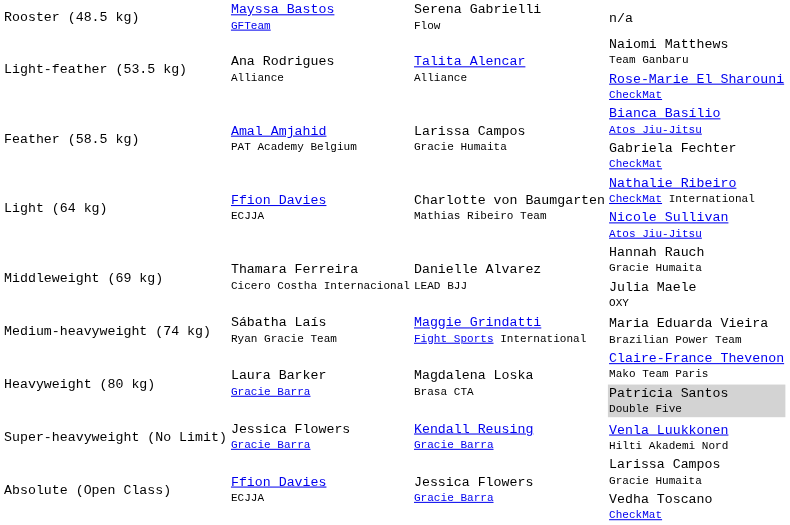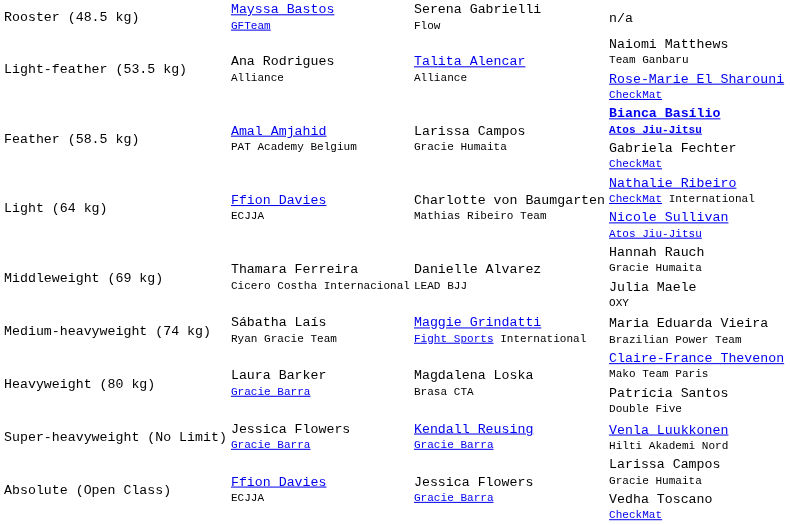 <table>
 <tr>
 <td rowspan=2>Rooster (48.5 kg)</td>
 <td rowspan=2> <a href='#'>Mayssa Bastos</a><br><small><a href='#'>GFTeam</a></small></td>
 <td rowspan=2> Serena Gabrielli<br><small>Flow</small></td>
 </tr>
 <tr>
 <td>n/a</td>
 </tr>
 <tr>
 <td rowspan=2>Light-feather (53.5 kg)</td>
 <td rowspan=2> Ana Rodrigues<br><small>Alliance</small></td>
 <td rowspan=2> <a href='#'>Talita Alencar</a><br><small>Alliance</small></td>
 <td> Naiomi Matthews<br><small> Team Ganbaru</small></td>
 </tr>
 <tr>
 <td> <a href='#'>Rose-Marie El Sharouni</a><br><small><a href='#'>CheckMat</a></small></td>
 </tr>
 <tr>
 <td rowspan=2>Feather (58.5 kg)</td>
 <td rowspan=2> <a href='#'>Amal Amjahid</a><br><small>PAT Academy Belgium</small></td>
 <td rowspan=2> Larissa Campos<br><small>Gracie Humaita</small></td>
-<td> <a href='#'>Bianca Basílio</a><br><small><a href='#'>Atos Jiu-Jitsu</a></small></td>
+<td><strong> <a href='#'>Bianca Basílio</a><br><small><a href='#'>Atos Jiu-Jitsu</a></small></strong></td>
 </tr>
 <tr>
 <td> Gabriela Fechter<br><small><a href='#'>CheckMat</a></small></td>
 </tr>
 <tr>
 <td rowspan=2>Light (64 kg)</td>
 <td rowspan=2> <a href='#'>Ffion Davies</a><br><small>ECJJA</small></td>
 <td rowspan=2> Charlotte von Baumgarten<br><small>Mathias Ribeiro Team</small></td>
 <td> <a href='#'>Nathalie Ribeiro</a><br><small><a href='#'>CheckMat</a> International</small></td>
 </tr>
 <tr>
 <td> <a href='#'>Nicole Sullivan</a><br><small><a href='#'>Atos Jiu-Jitsu</a></small></td>
 </tr>
 <tr>
 <td rowspan=2>Middleweight (69 kg)</td>
 <td rowspan=2> Thamara Ferreira<br><small>Cicero Costha Internacional</small></td>
 <td rowspan=2> Danielle Alvarez<br><small>LEAD BJJ</small></td>
 <td> Hannah Rauch<br><small>Gracie Humaita</small></td>
 </tr>
 <tr>
 <td> Julia Maele<br><small>OXY</small></td>
 </tr>
 <tr>
 <td rowspan=2>Medium-heavyweight (74 kg)</td>
 <td rowspan=2> Sábatha Laís<br><small>Ryan Gracie Team</small></td>
 <td rowspan=2> <a href='#'>Maggie Grindatti</a><br><small><a href='#'>Fight Sports</a> International</small></td>
 </tr>
 <tr>
 <td> Maria Eduarda Vieira<br><small>Brazilian Power Team</small></td>
 </tr>
 <tr>
 <td rowspan=2>Heavyweight (80 kg)</td>
 <td rowspan=2> Laura Barker<br><small><a href='#'>Gracie Barra</a></small></td>
 <td rowspan=2> Magdalena Loska<br><small>Brasa CTA</small></td>
 <td> <a href='#'>Claire-France Thevenon</a><br><small>Mako Team Paris</small></td>
 </tr>
 <tr>
-<td style="background: lightgrey;"> Patrícia Santos<br><small>Double Five</small></td>
+<td> Patrícia Santos<br><small>Double Five</small></td>
 </tr>
 <tr>
 <td rowspan=2>Super-heavyweight (No Limit)</td>
 <td rowspan=2> Jessica Flowers<br><small><a href='#'>Gracie Barra</a></small></td>
 <td rowspan=2> <a href='#'>Kendall Reusing</a><br><small><a href='#'>Gracie Barra</a></small></td>
 </tr>
 <tr>
 <td> <a href='#'>Venla Luukkonen</a><br><small>Hilti Akademi Nord</small></td>
 </tr>
 <tr>
 <td rowspan=2>Absolute (Open Class)</td>
 <td rowspan=2> <a href='#'>Ffion Davies</a><br><small>ECJJA</small></td>
 <td rowspan=2> Jessica Flowers<br><small><a href='#'>Gracie Barra</a></small></td>
 <td> Larissa Campos<br><small>Gracie Humaita</small></td>
 </tr>
 <tr>
 <td> Vedha Toscano<br><small><a href='#'>CheckMat</a></small></td>
 </tr>
 <tr>
 </tr>
 </table>
